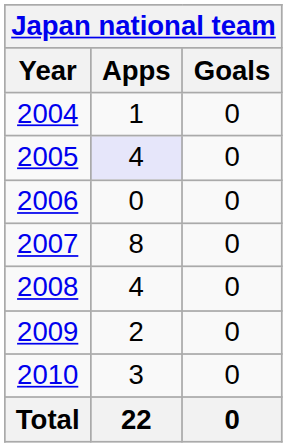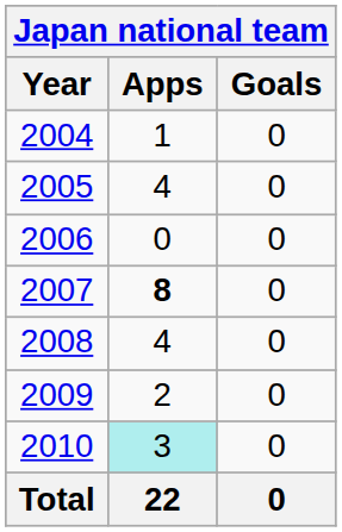 <table class="wikitable" style="text-align:center">
 <tr>
 <th colspan=3><a href='#'>Japan national team</a></th>
 </tr>
 <tr>
 <th>Year</th>
 <th>Apps</th>
 <th>Goals</th>
 </tr>
 <tr>
 <td><a href='#'>2004</a></td>
 <td>1</td>
 <td>0</td>
 </tr>
 <tr>
 <td><a href='#'>2005</a></td>
-<td style="background: lavender;">4</td>
+<td>4</td>
 <td>0</td>
 </tr>
 <tr>
 <td><a href='#'>2006</a></td>
 <td>0</td>
 <td>0</td>
 </tr>
 <tr>
 <td><a href='#'>2007</a></td>
-<td>8</td>
+<td><strong>8</strong></td>
 <td>0</td>
 </tr>
 <tr>
 <td><a href='#'>2008</a></td>
 <td>4</td>
 <td>0</td>
 </tr>
 <tr>
 <td><a href='#'>2009</a></td>
 <td>2</td>
 <td>0</td>
 </tr>
 <tr>
 <td><a href='#'>2010</a></td>
-<td>3</td>
+<td style="background: paleturquoise;">3</td>
 <td>0</td>
 </tr>
 <tr>
 <th>Total</th>
 <th>22</th>
 <th>0</th>
 </tr>
 </table>
